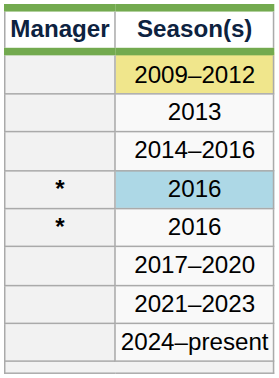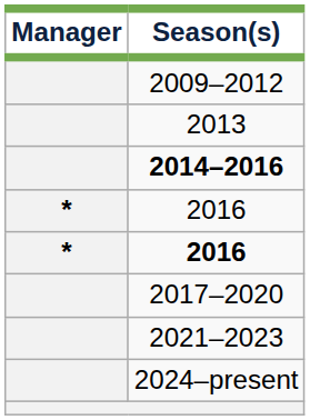 <table class="wikitable sortable plainrowheaders" style="text-align:center">
 <tr>
 <th scope="col" style="background-color:#ffffff; border-top:#73AA4F 5px solid; border-bottom:#73AA4F 5px solid; color:#0D223F">Manager</th>
 <th scope="col" style="background-color:#ffffff; border-top:#73AA4F 5px solid; border-bottom:#73AA4F 5px solid; color:#0D223F">Season(s)</th>
 </tr>
 <tr>
 <th scope="row" style="text-align:center"></th>
-<td style="background: khaki;">2009–2012</td>
+<td>2009–2012</td>
 </tr>
 <tr>
 <th scope="row" style="text-align:center"></th>
 <td>2013</td>
 </tr>
 <tr>
 <th scope="row" style="text-align:center"></th>
-<td>2014–2016</td>
-</tr>
-<tr>
-<th scope="row" style="text-align:center">*</th>
-<td style="background: lightblue;">2016</td>
+<td><strong>2014–2016</strong></td>
 </tr>
 <tr>
 <th scope="row" style="text-align:center">*</th>
 <td>2016</td>
+</tr>
+<tr>
+<th scope="row" style="text-align:center">*</th>
+<td><strong>2016</strong></td>
 </tr>
 <tr>
 <th scope="row" style="text-align:center"></th>
 <td>2017–2020</td>
 </tr>
 <tr>
 <th scope="row" style="text-align:center"></th>
 <td>2021–2023</td>
 </tr>
 <tr>
 <th scope="row" style="text-align:center"></th>
 <td>2024–present</td>
 </tr>
 <tr class="sortbottom">
 <th scope="row" colspan="2" style="text-align:center"></th>
 </tr>
 </table>
